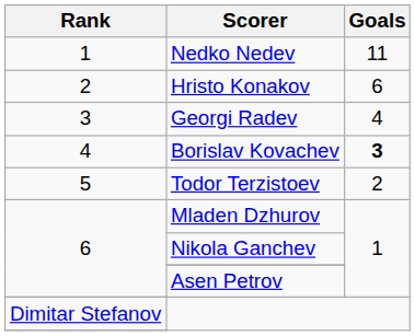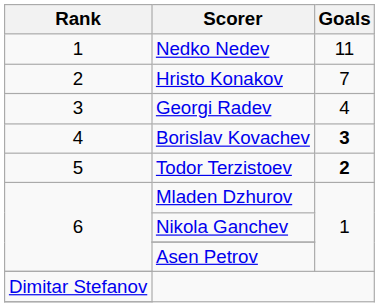 <table class="wikitable" style="text-align:center">
 <tr>
 <th>Rank</th>
 <th>Scorer</th>
 <th>Goals</th>
 </tr>
 <tr>
 <td rowspan="1">1</td>
 <td align="left"> <a href='#'>Nedko Nedev</a></td>
 <td rowspan="1">11</td>
 </tr>
 <tr>
 <td rowspan="1">2</td>
 <td align="left"> <a href='#'>Hristo Konakov</a></td>
-<td rowspan="1">6</td>
+<td rowspan="1">7</td>
 </tr>
 <tr>
 <td rowspan="1">3</td>
 <td align="left"> <a href='#'>Georgi Radev</a></td>
 <td rowspan="1">4</td>
 </tr>
 <tr>
 <td rowspan="1">4</td>
 <td align="left"> <a href='#'>Borislav Kovachev</a></td>
 <td rowspan="1"><strong>3</strong></td>
 </tr>
 <tr>
 <td rowspan="1">5</td>
 <td align="left"> <a href='#'>Todor Terzistoev</a></td>
-<td rowspan="1">2</td>
+<td rowspan="1"><strong>2</strong></td>
 </tr>
 <tr>
 <td rowspan="4">6</td>
 <td align="left"> <a href='#'>Mladen Dzhurov</a></td>
 <td rowspan="4">1</td>
 </tr>
 <tr>
 <td align="left"> <a href='#'>Nikola Ganchev</a></td>
 </tr>
 <tr>
 </tr>
 <tr>
 <td align="left"> <a href='#'>Asen Petrov</a></td>
 </tr>
 <tr>
 </tr>
 <tr>
 <td align="left"> <a href='#'>Dimitar Stefanov</a></td>
 </tr>
 <tr>
 </tr>
 </table>
